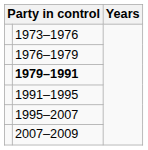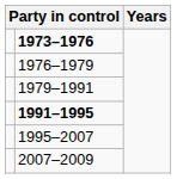 <table class="wikitable">
 <tr>
 <th colspan="2">Party in control</th>
 <th>Years</th>
 </tr>
 <tr>
 <td></td>
-<td>1973–1976</td>
+<td><strong>1973–1976</strong></td>
 </tr>
 <tr>
 <td></td>
 <td>1976–1979</td>
 </tr>
 <tr>
 <td></td>
-<td><strong>1979–1991</strong></td>
+<td>1979–1991</td>
 </tr>
 <tr>
 <td></td>
-<td>1991–1995</td>
+<td><strong>1991–1995</strong></td>
 </tr>
 <tr>
 <td></td>
 <td>1995–2007</td>
 </tr>
 <tr>
 <td></td>
 <td>2007–2009</td>
 </tr>
 </table>
